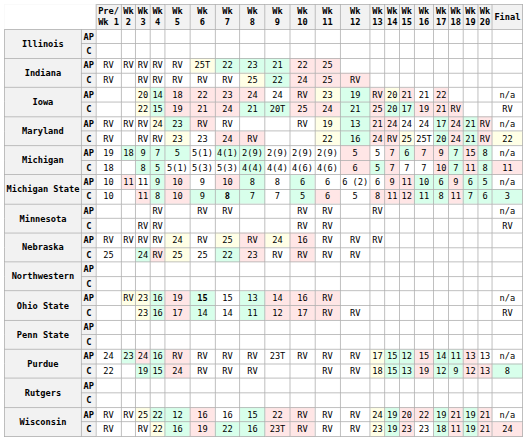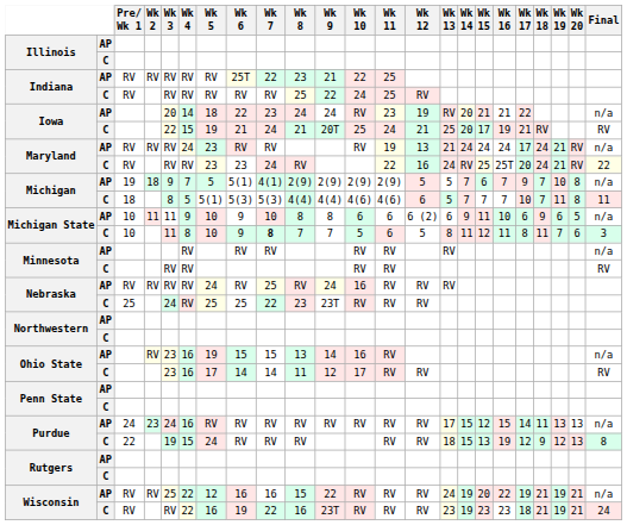 <table class="wikitable" style="white-space:nowrap;font-size:90%;text-align:center;">
 <tr>
 <th colspan=2 style="background:white; border-top-style:hidden; border-left-style:hidden;"> </th>
 <th>Pre/<br>Wk 1</th>
 <th>Wk<br>2</th>
 <th>Wk<br>3</th>
 <th>Wk<br>4</th>
 <th>Wk<br>5</th>
 <th>Wk<br>6</th>
 <th>Wk<br>7</th>
 <th>Wk<br>8</th>
 <th>Wk<br>9</th>
 <th>Wk<br>10</th>
 <th>Wk<br>11</th>
 <th>Wk<br>12</th>
 <th>Wk<br>13</th>
 <th>Wk<br>14</th>
 <th>Wk<br>15</th>
 <th>Wk<br>16</th>
 <th>Wk<br>17</th>
 <th>Wk<br>18</th>
 <th>Wk<br>19</th>
 <th>Wk<br>20</th>
 <th>Final</th>
 </tr>
 <tr>
 <th rowspan=2>Illinois</th>
 <th>AP</th>
 <td style="background:#FFF;"></td>
 <td style="background:#FFF;"></td>
 <td style="background:#FFF;"></td>
 <td style="background:#FFF;"></td>
 <td style="background:#FFF;"></td>
 <td style="background:#FFF;"></td>
 <td style="background:#FFF;"></td>
 <td style="background:#FFF;"></td>
 <td style="background:#FFF;"></td>
 <td style="background:#FFF;"></td>
 <td style="background:#FFF;"></td>
 <td style="background:#FFF;"></td>
 <td style="background:#FFF;"></td>
 <td style="background:#FFF;"></td>
 <td style="background:#FFF;"></td>
 <td style="background:#FFF;"></td>
 <td style="background:#FFF;"></td>
 <td style="background:#FFF;"></td>
 <td style="background:#FFF;"></td>
 <td style="background:#FFF;"></td>
 <td style="background:#FFF;"></td>
 </tr>
 <tr>
 <th>C</th>
 <td style="background:#FFF;"></td>
 <td style="background:#FFF;"></td>
 <td style="background:#FFF;"></td>
 <td style="background:#FFF;"></td>
 <td style="background:#FFF;"></td>
 <td style="background:#FFF;"></td>
 <td style="background:#FFF;"></td>
 <td style="background:#FFF;"></td>
 <td style="background:#FFF;"></td>
 <td style="background:#FFF;"></td>
 <td style="background:#FFF;"></td>
 <td style="background:#FFF;"></td>
 <td style="background:#FFF;"></td>
 <td style="background:#FFF;"></td>
 <td style="background:#FFF;"></td>
 <td style="background:#FFF;"></td>
 <td style="background:#FFF;"></td>
 <td style="background:#FFF;"></td>
 <td style="background:#FFF;"></td>
 <td style="background:#FFF;"></td>
 <td style="background:#FFF;"></td>
 </tr>
 <tr>
 <th rowspan=2>Indiana</th>
 <th>AP</th>
 <td style="background:#FFF;">RV</td>
 <td style="background:#FFF;">RV</td>
 <td style="background:#FFF;">RV</td>
 <td style="background:#FFF;">RV</td>
 <td style="background:#FFF;">RV</td>
 <td style="background:#ffffe6;">25T</td>
 <td style="background:#d8ffeb;">22</td>
 <td style="background:#d8ffeb;">23</td>
 <td style="background:#d8ffeb;">21</td>
 <td style="background:#FFe6e6;">22</td>
 <td style="background:#FFe6e6;">25</td>
 <td style="background:#FFF;"></td>
 <td style="background:#FFF;"></td>
 <td style="background:#FFF;"></td>
 <td style="background:#FFF;"></td>
 <td style="background:#FFF;"></td>
 <td style="background:#FFF;"></td>
 <td style="background:#FFF;"></td>
 <td style="background:#FFF;"></td>
 <td style="background:#FFF;"></td>
 <td style="background:#FFF;"></td>
 </tr>
 <tr>
 <th>C</th>
 <td style="background:#FFF;">RV</td>
 <td style="background:#FFF;"></td>
 <td style="background:#FFF;">RV</td>
 <td style="background:#FFF;">RV</td>
 <td style="background:#FFF;">RV</td>
 <td style="background:#FFF;">RV</td>
 <td style="background:#FFF;">RV</td>
 <td style="background:#FFFfe6;">25</td>
 <td style="background:#d8ffeb;">22</td>
 <td style="background:#FFe6e6;">24</td>
 <td style="background:#FFe6e6;">25</td>
 <td style="background:#FFe6e6;">RV</td>
 <td style="background:#FFF;"></td>
 <td style="background:#FFF;"></td>
 <td style="background:#FFF;"></td>
 <td style="background:#FFF;"></td>
 <td style="background:#FFF;"></td>
 <td style="background:#FFF;"></td>
 <td style="background:#FFF;"></td>
 <td style="background:#FFF;"></td>
 <td style="background:#FFF;"></td>
 </tr>
 <tr>
 <th rowspan=2>Iowa</th>
 <th>AP</th>
 <td style="background:#FFF;"></td>
 <td style="background:#FFF;"></td>
 <td style="background:#ffffe6;">20</td>
 <td style="background:#d8ffeb;">14</td>
 <td style="background:#ffe6e6;">18</td>
 <td style="background:#FFe6e6;">22</td>
 <td style="background:#FFe6e6;">23</td>
 <td style="background:#FFe6e6;">24</td>
 <td style="background:#FFF;">24</td>
 <td style="background:#FFe6e6;">RV</td>
 <td style="background:#ffffe6;">23</td>
 <td style="background:#d8ffeb;">19</td>
 <td style="background:#FFe6e6;">RV</td>
 <td style="background:#ffffe6;">20</td>
 <td style="background:#FFe6e6;">21</td>
 <td style="background:#FFF;">21</td>
 <td style="background:#FFe6e6;">22</td>
 <td style="background:#FFF;"></td>
 <td style="background:#FFF;"></td>
 <td style="background:#FFF;"></td>
 <td style="background:#FFF;">n/a</td>
 </tr>
 <tr>
 <th>C</th>
 <td style="background:#FFF;"></td>
 <td style="background:#FFF;"></td>
 <td style="background:#ffffe6;">22</td>
 <td style="background:#d8ffeb;">15</td>
 <td style="background:#ffe6e6;">19</td>
 <td style="background:#FFe6e6;">21</td>
 <td style="background:#FFe6e6;">24</td>
 <td style="background:#d8ffeb;">21</td>
 <td style="background:#d8ffeb;">20T</td>
 <td style="background:#FFe6e6;">25</td>
 <td style="background:#FFe6e6;">24</td>
 <td style="background:#d8ffeb;">21</td>
 <td style="background:#FFe6e6;">25</td>
 <td style="background:#d8ffeb;">20</td>
 <td style="background:#d8ffeb;">17</td>
 <td style="background:#FFe6e6;">19</td>
 <td style="background:#FFe6e6;">21</td>
 <td style="background:#FFe6e6;">RV</td>
 <td style="background:#FFF;"></td>
 <td style="background:#FFF;"></td>
 <td style="background:#FFF;">RV</td>
 </tr>
 <tr>
 <th rowspan=2>Maryland</th>
 <th>AP</th>
 <td style="background:#FFF;">RV</td>
 <td style="background:#FFF;">RV</td>
 <td style="background:#FFF;">RV</td>
 <td style="background:#ffffe6;">24</td>
 <td style="background:#d8ffeb;">23</td>
 <td style="background:#FFe6e6;">RV</td>
 <td style="background:#FFF;">RV</td>
 <td style="background:#FFF;"></td>
 <td style="background:#FFF;"></td>
 <td style="background:#FFF;">RV</td>
 <td style="background:#ffffe6;">19</td>
 <td style="background:#d8ffeb;">13</td>
 <td style="background:#FFe6e6;">21</td>
 <td style="background:#FFe6e6;">24</td>
 <td style="background:#FFF;">24</td>
 <td style="background:#FFF;">24</td>
 <td style="background:#d8ffeb;">17</td>
 <td style="background:#FFe6e6;">24</td>
 <td style="background:#d8ffeb;">21</td>
 <td style="background:#FFe6e6;">RV</td>
 <td style="background:#FFF;">n/a</td>
 </tr>
 <tr>
 <th>C</th>
 <td style="background:#FFF;">RV</td>
 <td style="background:#FFF;"></td>
 <td style="background:#FFF;">RV</td>
 <td style="background:#FFF;">RV</td>
 <td style="background:#ffffe6;">23</td>
 <td style="background:#FFF;">23</td>
 <td style="background:#FFe6e6;">24</td>
 <td style="background:#FFe6e6;">RV</td>
 <td style="background:#FFF;"></td>
 <td style="background:#FFF;"></td>
 <td style="background:#ffffe6;">22</td>
 <td style="background:#d8ffeb;">16</td>
 <td style="background:#FFe6e6;">24</td>
 <td style="background:#FFe6e6;">RV</td>
 <td style="background:#ffffe6;">25</td>
 <td style="background:#FFF;">25T</td>
 <td style="background:#d8ffeb;">20</td>
 <td style="background:#FFe6e6;">24</td>
 <td style="background:#d8ffeb;">21</td>
 <td style="background:#FFe6e6;">RV</td>
 <td style="background:#ffffe6;">22</td>
 </tr>
 <tr>
 <th rowspan=2>Michigan</th>
 <th>AP</th>
 <td style="background:#FFF;">19</td>
 <td style="background:#d8ffeb;">18</td>
 <td style="background:#d8ffeb;">9</td>
 <td style="background:#d8ffeb;">7</td>
 <td style="background:#d8ffeb;">5</td>
 <td style="background:#FFF;">5(1)</td>
 <td style="background:#d8ffeb;">4(1)</td>
 <td style="background:#d8ffeb;">2(9)</td>
 <td style="background:#FFF;">2(9)</td>
 <td style="background:#FFF;">2(9)</td>
 <td style="background:#FFF;">2(9)</td>
 <td style="background:#FFe6e6;">5</td>
 <td style="background:#FFF;">5</td>
 <td style="background:#FFe6e6;">7</td>
 <td style="background:#d8ffeb;">6</td>
 <td style="background:#FFe6e6;">7</td>
 <td style="background:#FFe6e6;">9</td>
 <td style="background:#d8ffeb;">7</td>
-<td style="background:#FFe6e6;">15</td>
+<td style="background:#FFe6e6;">10</td>
 <td style="background:#d8ffeb;">8</td>
 <td style="background:#FFF;">n/a</td>
 </tr>
 <tr>
 <th>C</th>
 <td style="background:#FFF;">18</td>
 <td style="background:#FFF;"></td>
 <td style="background:#d8ffeb;">8</td>
 <td style="background:#d8ffeb;">5</td>
 <td style="background:#FFF;">5(1)</td>
 <td style="background:#FFF;">5(3)</td>
 <td style="background:#FFF;">5(3)</td>
 <td style="background:#d8ffeb;">4(4)</td>
 <td style="background:#FFF;">4(4)</td>
 <td style="background:#FFF;">4(6)</td>
 <td style="background:#FFF;">4(6)</td>
 <td style="background:#FFe6e6;">6</td>
 <td style="background:#d8ffeb;">5</td>
 <td style="background:#FFe6e6;">7</td>
 <td style="background:#FFF;">7</td>
 <td style="background:#FFF;">7</td>
 <td style="background:#FFe6e6;">10</td>
 <td style="background:#d8ffeb;">7</td>
 <td style="background:#FFe6e6;">11</td>
 <td style="background:#d8ffeb;">8</td>
 <td style="background:#FFe6e6;">11</td>
 </tr>
 <tr>
 <th rowspan=2>Michigan State</th>
 <th>AP</th>
 <td style="background:#FFF;">10</td>
 <td style="background:#ffe6e6;">11</td>
 <td style="background:#FFF;">11</td>
 <td style="background:#d8ffeb;">9</td>
 <td style="background:#ffe6e6;">10</td>
 <td style="background:#FFF;">9</td>
 <td style="background:#FFe6e6;">10</td>
 <td style="background:#d8ffeb;">8</td>
 <td style="background:#FFF;">8</td>
 <td style="background:#d8ffeb;">6</td>
 <td style="background:#FFF;">6</td>
 <td style="background:#FFF;">6 (2)</td>
 <td style="background:#FFF;">6</td>
 <td style="background:#FFe6e6;">9</td>
 <td style="background:#FFe6e6;">11</td>
 <td style="background:#d8ffeb;">10</td>
 <td style="background:#d8ffeb;">6</td>
 <td style="background:#FFe6e6;">9</td>
 <td style="background:#d8ffeb;">6</td>
 <td style="background:#d8ffeb;">5</td>
 <td style="background:#FFF;">n/a</td>
 </tr>
 <tr>
 <th>C</th>
 <td style="background:#FFF;">10</td>
 <td style="background:#FFF;"></td>
 <td style="background:#ffe6e6;">11</td>
 <td style="background:#d8ffeb;">8</td>
 <td style="background:#ffe6e6;">10</td>
 <td style="background:#d8ffeb;">9</td>
 <td style="background:#d8ffeb;"><strong>8</strong></td>
 <td style="background:#d8ffeb;">7</td>
 <td style="background:#FFF;">7</td>
 <td style="background:#d8ffeb;">5</td>
 <td style="background:#FFe6e6;">6</td>
 <td style="background:#FFF;">5</td>
 <td style="background:#FFe6e6;">8</td>
 <td style="background:#FFe6e6;">11</td>
 <td style="background:#FFe6e6;">12</td>
 <td style="background:#d8ffeb;">11</td>
 <td style="background:#d8ffeb;">8</td>
 <td style="background:#FFe6e6;">11</td>
 <td style="background:#d8ffeb;">7</td>
 <td style="background:#d8ffeb;">6</td>
 <td style="background:#d8ffeb;">3</td>
 </tr>
 <tr>
 <th rowspan=2>Minnesota</th>
 <th>AP</th>
 <td style="background:#FFF;"></td>
 <td style="background:#FFF;"></td>
 <td style="background:#FFF;"></td>
 <td style="background:#FFF;">RV</td>
 <td style="background:#FFF;"></td>
 <td style="background:#FFF;">RV</td>
 <td style="background:#FFF;">RV</td>
 <td style="background:#FFF;"></td>
 <td style="background:#FFF;"></td>
 <td style="background:#FFF;">RV</td>
 <td style="background:#FFF;">RV</td>
 <td style="background:#FFF;"></td>
 <td style="background:#FFF;">RV</td>
 <td style="background:#FFF;"></td>
 <td style="background:#FFF;"></td>
 <td style="background:#FFF;"></td>
 <td style="background:#FFF;"></td>
 <td style="background:#FFF;"></td>
 <td style="background:#FFF;"></td>
 <td style="background:#FFF;"></td>
 <td style="background:#FFF;">n/a</td>
 </tr>
 <tr>
 <th>C</th>
 <td style="background:#FFF;"></td>
 <td style="background:#FFF;"></td>
 <td style="background:#FFF;">RV</td>
 <td style="background:#FFF;">RV</td>
 <td style="background:#FFF;"></td>
 <td style="background:#FFF;"></td>
 <td style="background:#FFF;"></td>
 <td style="background:#FFF;"></td>
 <td style="background:#FFF;"></td>
 <td style="background:#FFF;">RV</td>
 <td style="background:#FFF;">RV</td>
 <td style="background:#FFF;"></td>
 <td style="background:#FFF;"></td>
 <td style="background:#FFF;"></td>
 <td style="background:#FFF;"></td>
 <td style="background:#FFF;"></td>
 <td style="background:#FFF;"></td>
 <td style="background:#FFF;"></td>
 <td style="background:#FFF;"></td>
 <td style="background:#FFF;"></td>
 <td style="background:#FFF;">RV</td>
 </tr>
 <tr>
 <th rowspan=2>Nebraska</th>
 <th>AP</th>
 <td style="background:#FFF;">RV</td>
 <td style="background:#FFF;">RV</td>
 <td style="background:#FFF;">RV</td>
 <td style="background:#FFF;">RV</td>
 <td style="background:#ffffe6;">24</td>
 <td style="background:#FFF;">RV</td>
 <td style="background:#ffffe6;">25</td>
 <td style="background:#FFe6e6;">RV</td>
 <td style="background:#ffffe6;">24</td>
 <td style="background:#FFe6e6;">16</td>
 <td style="background:#FFF;">RV</td>
 <td style="background:#FFF;">RV</td>
 <td style="background:#FFF;">RV</td>
 <td style="background:#FFF;"></td>
 <td style="background:#FFF;"></td>
 <td style="background:#FFF;"></td>
 <td style="background:#FFF;"></td>
 <td style="background:#FFF;"></td>
 <td style="background:#FFF;"></td>
 <td style="background:#FFF;"></td>
 <td style="background:#FFF;"></td>
 </tr>
 <tr>
 <th>C</th>
 <td style="background:#FFF;">25</td>
 <td style="background:#FFF;"></td>
 <td style="background:#d8ffeb;">24</td>
 <td style="background:#ffe6e6;">RV</td>
 <td style="background:#ffffe6;">25</td>
 <td style="background:#FFF;">25</td>
 <td style="background:#d8ffeb;">22</td>
 <td style="background:#FFe6e6;">23</td>
-<td style="background:#FFF;">RV</td>
+<td style="background:#FFF;">23T</td>
 <td style="background:#FFe6e6;">RV</td>
 <td style="background:#FFF;">RV</td>
 <td style="background:#FFF;">RV</td>
 <td style="background:#FFF;"></td>
 <td style="background:#FFF;"></td>
 <td style="background:#FFF;"></td>
 <td style="background:#FFF;"></td>
 <td style="background:#FFF;"></td>
 <td style="background:#FFF;"></td>
 <td style="background:#FFF;"></td>
 <td style="background:#FFF;"></td>
 <td style="background:#FFF;"></td>
 </tr>
 <tr>
 <th rowspan=2>Northwestern</th>
 <th>AP</th>
 <td style="background:#FFF;"></td>
 <td style="background:#FFF;"></td>
 <td style="background:#FFF;"></td>
 <td style="background:#FFF;"></td>
 <td style="background:#FFF;"></td>
 <td style="background:#FFF;"></td>
 <td style="background:#FFF;"></td>
 <td style="background:#FFF;"></td>
 <td style="background:#FFF;"></td>
 <td style="background:#FFF;"></td>
 <td style="background:#FFF;"></td>
 <td style="background:#FFF;"></td>
 <td style="background:#FFF;"></td>
 <td style="background:#FFF;"></td>
 <td style="background:#FFF;"></td>
 <td style="background:#FFF;"></td>
 <td style="background:#FFF;"></td>
 <td style="background:#FFF;"></td>
 <td style="background:#FFF;"></td>
 <td style="background:#FFF;"></td>
 <td style="background:#FFF;"></td>
 </tr>
 <tr>
 <th>C</th>
 <td style="background:#FFF;"></td>
 <td style="background:#FFF;"></td>
 <td style="background:#FFF;"></td>
 <td style="background:#FFF;"></td>
 <td style="background:#FFF;"></td>
 <td style="background:#FFF;"></td>
 <td style="background:#FFF;"></td>
 <td style="background:#FFF;"></td>
 <td style="background:#FFF;"></td>
 <td style="background:#FFF;"></td>
 <td style="background:#FFF;"></td>
 <td style="background:#FFF;"></td>
 <td style="background:#FFF;"></td>
 <td style="background:#FFF;"></td>
 <td style="background:#FFF;"></td>
 <td style="background:#FFF;"></td>
 <td style="background:#FFF;"></td>
 <td style="background:#FFF;"></td>
 <td style="background:#FFF;"></td>
 <td style="background:#FFF;"></td>
 <td style="background:#FFF;"></td>
 </tr>
 <tr>
 <th rowspan=2>Ohio State</th>
 <th>AP</th>
 <td style="background:#FFF;"></td>
 <td style="background:#ffffe6;">RV</td>
 <td style="background:#ffffe6;">23</td>
 <td style="background:#d8ffeb;">16</td>
 <td style="background:#ffe6e6;">19</td>
-<td style="background:#d8ffeb;"><strong>15</strong></td>
+<td style="background:#d8ffeb;">15</td>
 <td style="background:#FFF;">15</td>
 <td style="background:#d8ffeb;">13</td>
 <td style="background:#FFe6e6;">14</td>
 <td style="background:#FFe6e6;">16</td>
 <td style="background:#FFe6e6;">RV</td>
 <td style="background:#FFF;"></td>
 <td style="background:#FFF;"></td>
 <td style="background:#FFF;"></td>
 <td style="background:#FFF;"></td>
 <td style="background:#FFF;"></td>
 <td style="background:#FFF;"></td>
 <td style="background:#FFF;"></td>
 <td style="background:#FFF;"></td>
 <td style="background:#FFF;"></td>
 <td style="background:#FFF;">n/a</td>
 </tr>
 <tr>
 <th>C</th>
 <td style="background:#FFF;"></td>
 <td style="background:#FFF;"></td>
 <td style="background:#ffffe6;">23</td>
 <td style="background:#d8ffeb;">16</td>
 <td style="background:#ffe6e6;">17</td>
 <td style="background:#d8ffeb;">14</td>
 <td style="background:#FFF;">14</td>
 <td style="background:#d8ffeb;">11</td>
 <td style="background:#FFe6e6;">12</td>
 <td style="background:#FFe6e6;">17</td>
 <td style="background:#FFe6e6;">RV</td>
 <td style="background:#FFF;">RV</td>
 <td style="background:#FFF;"></td>
 <td style="background:#FFF;"></td>
 <td style="background:#FFF;"></td>
 <td style="background:#FFF;"></td>
 <td style="background:#FFF;"></td>
 <td style="background:#FFF;"></td>
 <td style="background:#FFF;"></td>
 <td style="background:#FFF;"></td>
 <td style="background:#FFF;">RV</td>
 </tr>
 <tr>
 <th rowspan=2>Penn State</th>
 <th>AP</th>
 <td style="background:#FFF;"></td>
 <td style="background:#FFF;"></td>
 <td style="background:#FFF;"></td>
 <td style="background:#FFF;"></td>
 <td style="background:#FFF;"></td>
 <td style="background:#FFF;"></td>
 <td style="background:#FFF;"></td>
 <td style="background:#FFF;"></td>
 <td style="background:#FFF;"></td>
 <td style="background:#FFF;"></td>
 <td style="background:#FFF;"></td>
 <td style="background:#FFF;"></td>
 <td style="background:#FFF;"></td>
 <td style="background:#FFF;"></td>
 <td style="background:#FFF;"></td>
 <td style="background:#FFF;"></td>
 <td style="background:#FFF;"></td>
 <td style="background:#FFF;"></td>
 <td style="background:#FFF;"></td>
 <td style="background:#FFF;"></td>
 <td style="background:#FFF;"></td>
 </tr>
 <tr>
 <th>C</th>
 <td style="background:#FFF;"></td>
 <td style="background:#FFF;"></td>
 <td style="background:#FFF;"></td>
 <td style="background:#FFF;"></td>
 <td style="background:#FFF;"></td>
 <td style="background:#FFF;"></td>
 <td style="background:#FFF;"></td>
 <td style="background:#FFF;"></td>
 <td style="background:#FFF;"></td>
 <td style="background:#FFF;"></td>
 <td style="background:#FFF;"></td>
 <td style="background:#FFF;"></td>
 <td style="background:#FFF;"></td>
 <td style="background:#FFF;"></td>
 <td style="background:#FFF;"></td>
 <td style="background:#FFF;"></td>
 <td style="background:#FFF;"></td>
 <td style="background:#FFF;"></td>
 <td style="background:#FFF;"></td>
 <td style="background:#FFF;"></td>
 <td style="background:#FFF;"></td>
 </tr>
 <tr>
 <th rowspan=2>Purdue</th>
 <th>AP</th>
 <td style="background:#FFF;">24</td>
 <td style="background:#d8ffeb;">23</td>
 <td style="background:#ffe6e6;">24</td>
 <td style="background:#d8ffeb;">16</td>
 <td style="background:#ffe6e6;">RV</td>
 <td style="background:#FFF;">RV</td>
 <td style="background:#FFF;">RV</td>
 <td style="background:#FFF;">RV</td>
-<td style="background:#FFF;">23T</td>
+<td style="background:#FFF;">RV</td>
 <td style="background:#FFF;">RV</td>
 <td style="background:#FFF;">RV</td>
 <td style="background:#FFF;">RV</td>
 <td style="background:#ffffe6;">17</td>
 <td style="background:#d8ffeb;">15</td>
 <td style="background:#d8ffeb;">12</td>
 <td style="background:#FFe6e6;">15</td>
 <td style="background:#d8ffeb;">14</td>
 <td style="background:#d8ffeb;">11</td>
 <td style="background:#FFe6e6;">13</td>
 <td style="background:#FFF;">13</td>
 <td style="background:#FFF;">n/a</td>
 </tr>
 <tr>
 <th>C</th>
 <td style="background:#FFF;">22</td>
 <td style="background:#FFF;"></td>
 <td style="background:#d8ffeb;">19</td>
 <td style="background:#d8ffeb;">15</td>
 <td style="background:#ffe6e6;">24</td>
 <td style="background:#FFF;">RV</td>
 <td style="background:#FFF;">RV</td>
 <td style="background:#FFF;">RV</td>
 <td style="background:#FFF;"></td>
 <td style="background:#FFF;"></td>
 <td style="background:#FFF;">RV</td>
 <td style="background:#FFF;">RV</td>
 <td style="background:#ffffe6;">18</td>
 <td style="background:#d8ffeb;">15</td>
 <td style="background:#d8ffeb;">13</td>
 <td style="background:#FFe6e6;">19</td>
 <td style="background:#d8ffeb;">12</td>
 <td style="background:#d8ffeb;">9</td>
 <td style="background:#FFe6e6;">12</td>
 <td style="background:#FFe6e6;">13</td>
 <td style="background:#d8ffeb;">8</td>
 </tr>
 <tr>
 <th rowspan=2>Rutgers</th>
 <th>AP</th>
 <td style="background:#FFF;"></td>
 <td style="background:#FFF;"></td>
 <td style="background:#FFF;"></td>
 <td style="background:#FFF;"></td>
 <td style="background:#FFF;"></td>
 <td style="background:#FFF;"></td>
 <td style="background:#FFF;"></td>
 <td style="background:#FFF;"></td>
 <td style="background:#FFF;"></td>
 <td style="background:#FFF;"></td>
 <td style="background:#FFF;"></td>
 <td style="background:#FFF;"></td>
 <td style="background:#FFF;"></td>
 <td style="background:#FFF;"></td>
 <td style="background:#FFF;"></td>
 <td style="background:#FFF;"></td>
 <td style="background:#FFF;"></td>
 <td style="background:#FFF;"></td>
 <td style="background:#FFF;"></td>
 <td style="background:#FFF;"></td>
 <td style="background:#FFF;"></td>
 </tr>
 <tr>
 <th>C</th>
 <td style="background:#FFF;"></td>
 <td style="background:#FFF;"></td>
 <td style="background:#FFF;"></td>
 <td style="background:#FFF;"></td>
 <td style="background:#FFF;"></td>
 <td style="background:#FFF;"></td>
 <td style="background:#FFF;"></td>
 <td style="background:#FFF;"></td>
 <td style="background:#FFF;"></td>
 <td style="background:#FFF;"></td>
 <td style="background:#FFF;"></td>
 <td style="background:#FFF;"></td>
 <td style="background:#FFF;"></td>
 <td style="background:#FFF;"></td>
 <td style="background:#FFF;"></td>
 <td style="background:#FFF;"></td>
 <td style="background:#FFF;"></td>
 <td style="background:#FFF;"></td>
 <td style="background:#FFF;"></td>
 <td style="background:#FFF;"></td>
 <td style="background:#FFF;"></td>
 </tr>
 <tr>
 <th rowspan=2>Wisconsin</th>
 <th>AP</th>
 <td style="background:#FFF;">RV</td>
 <td style="background:#FFF;">RV</td>
 <td style="background:#ffffe6;">25</td>
 <td style="background:#d8ffeb;">22</td>
 <td style="background:#d8ffeb;">12</td>
 <td style="background:#FFe6e6;">16</td>
 <td style="background:#FFF;">16</td>
 <td style="background:#d8ffeb;">15</td>
 <td style="background:#FFe6e6;">22</td>
 <td style="background:#FFe6e6;">RV</td>
 <td style="background:#FFF;">RV</td>
 <td style="background:#FFF;">RV</td>
 <td style="background:#ffffe6;">24</td>
 <td style="background:#d8ffeb;">19</td>
 <td style="background:#FFe6e6;">20</td>
 <td style="background:#FFe6e6;">22</td>
 <td style="background:#d8ffeb;">19</td>
 <td style="background:#FFe6e6;">21</td>
 <td style="background:#d8ffeb;">19</td>
 <td style="background:#FFe6e6;">21</td>
 <td style="background:#FFF;">n/a</td>
 </tr>
 <tr>
 <th>C</th>
 <td style="background:#FFF;">RV</td>
 <td style="background:#FFF;"></td>
 <td style="background:#FFF;">RV</td>
 <td style="background:#ffffe6;">22</td>
 <td style="background:#d8ffeb;">16</td>
 <td style="background:#FFe6e6;">19</td>
 <td style="background:#d8ffeb;">22</td>
 <td style="background:#d8ffeb;">16</td>
 <td style="background:#FFe6e6;">23T</td>
 <td style="background:#FFe6e6;">RV</td>
 <td style="background:#FFF;">RV</td>
 <td style="background:#FFF;">RV</td>
 <td style="background:#ffffe6;">23</td>
 <td style="background:#d8ffeb;">19</td>
 <td style="background:#FFe6e6;">23</td>
 <td style="background:#FFF;">23</td>
 <td style="background:#d8ffeb;">18</td>
-<td style="background:#FFe6e6;">11</td>
+<td style="background:#FFe6e6;">21</td>
 <td style="background:#d8ffeb;">19</td>
 <td style="background:#FFe6e6;">21</td>
 <td style="background:#FFe6e6;">24</td>
 </tr>
 </table>
